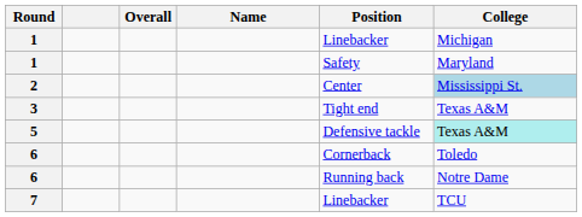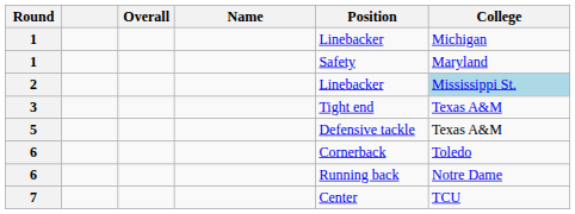 <table class="wikitable sortable" style="width: 50%;">
 <tr>
 <th scope="col" style="width: 10%;">Round</th>
 <th scope="col" style="width: 10%;"></th>
 <th scope="col" style="width: 10%;">Overall</th>
 <th scope="col" style="width: 25%;">Name</th>
 <th scope="col" style="width: 20%;">Position</th>
 <th scope="col" style="width: 25%;">College</th>
 </tr>
 <tr>
 <th scope="row">1</th>
 <td></td>
 <td></td>
 <td></td>
 <td><a href='#'>Linebacker</a></td>
 <td><a href='#'>Michigan</a></td>
 </tr>
 <tr>
 <th scope="row">1</th>
 <td></td>
 <td></td>
 <td></td>
 <td><a href='#'>Safety</a></td>
 <td><a href='#'>Maryland</a></td>
 </tr>
 <tr>
 <th scope="row">2</th>
 <td></td>
 <td></td>
 <td></td>
-<td><a href='#'>Center</a></td>
+<td><a href='#'>Linebacker</a></td>
 <td style="background: lightblue;"><a href='#'>Mississippi St.</a></td>
 </tr>
 <tr>
 <th scope="row">3</th>
 <td></td>
 <td></td>
 <td></td>
 <td><a href='#'>Tight end</a></td>
 <td><a href='#'>Texas A&M</a></td>
 </tr>
 <tr>
 <th scope="row">5</th>
 <td></td>
 <td></td>
 <td></td>
 <td><a href='#'>Defensive tackle</a></td>
-<td style="background: paleturquoise;">Texas A&M</td>
+<td>Texas A&M</td>
 </tr>
 <tr>
 <th scope="row">6</th>
 <td></td>
 <td></td>
 <td></td>
 <td><a href='#'>Cornerback</a></td>
 <td><a href='#'>Toledo</a></td>
 </tr>
 <tr>
 <th scope="row">6</th>
 <td></td>
 <td></td>
 <td></td>
 <td><a href='#'>Running back</a></td>
 <td><a href='#'>Notre Dame</a></td>
 </tr>
 <tr>
 <th scope="row">7</th>
 <td></td>
 <td></td>
 <td></td>
-<td><a href='#'>Linebacker</a></td>
+<td><a href='#'>Center</a></td>
 <td><a href='#'>TCU</a></td>
 </tr>
 </table>
